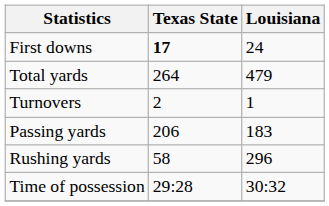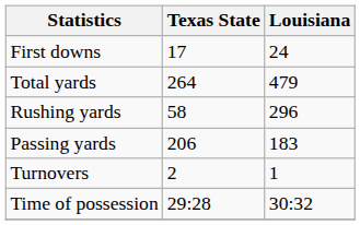 <table class="wikitable" style="float: right;">
 <tr>
 <th>Statistics</th>
 <th>Texas State</th>
 <th>Louisiana</th>
 </tr>
 <tr>
 <td>First downs</td>
-<td><strong>17</strong></td>
+<td>17</td>
 <td>24</td>
 </tr>
 <tr>
 <td>Total yards</td>
 <td>264</td>
 <td>479</td>
 </tr>
 <tr>
-<td>Turnovers</td>
-<td>2</td>
-<td>1</td>
+<td>Rushing yards</td>
+<td>58</td>
+<td>296</td>
 </tr>
 <tr>
 <td>Passing yards</td>
 <td>206</td>
 <td>183</td>
 </tr>
 <tr>
-<td>Rushing yards</td>
-<td>58</td>
-<td>296</td>
+<td>Turnovers</td>
+<td>2</td>
+<td>1</td>
 </tr>
 <tr>
 <td>Time of possession</td>
 <td>29:28</td>
 <td>30:32</td>
 </tr>
 <tr>
 </tr>
 </table>
